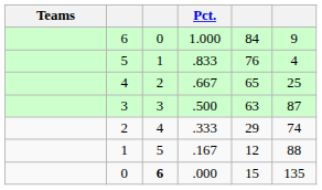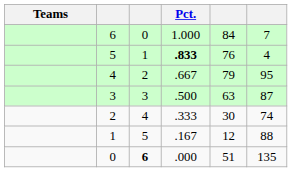 <table class="wikitable" width="40%" style="text-align:center;">
 <tr>
 <th width="20%">Teams</th>
 <th width="7%"></th>
 <th width="7%"></th>
 <th width="8%"><a href='#'>Pct.</a></th>
 <th width="8%"></th>
 <th width="8%"></th>
 </tr>
 <tr bgcolor="ccffcc">
 <td align=left></td>
 <td>6</td>
 <td>0</td>
 <td>1.000</td>
 <td>84</td>
-<td>9</td>
+<td>7</td>
 </tr>
 <tr bgcolor="ccffcc">
 <td align=left></td>
 <td>5</td>
 <td>1</td>
-<td>.833</td>
+<td><strong>.833</strong></td>
 <td>76</td>
 <td>4</td>
 </tr>
 <tr bgcolor="ccffcc">
 <td align=left></td>
 <td>4</td>
 <td>2</td>
 <td>.667</td>
-<td>65</td>
-<td>25</td>
+<td>79</td>
+<td>95</td>
 </tr>
 <tr bgcolor="ccffcc">
 <td align=left></td>
 <td>3</td>
 <td>3</td>
 <td>.500</td>
 <td>63</td>
 <td>87</td>
 </tr>
 <tr>
 <td align=left></td>
 <td>2</td>
 <td>4</td>
 <td>.333</td>
-<td>29</td>
+<td>30</td>
 <td>74</td>
 </tr>
 <tr>
 <td align=left></td>
 <td>1</td>
 <td>5</td>
 <td>.167</td>
 <td>12</td>
 <td>88</td>
 </tr>
 <tr>
 <td align=left></td>
 <td>0</td>
 <td><strong>6</strong></td>
 <td>.000</td>
-<td>15</td>
+<td>51</td>
 <td>135</td>
 </tr>
 </table>
